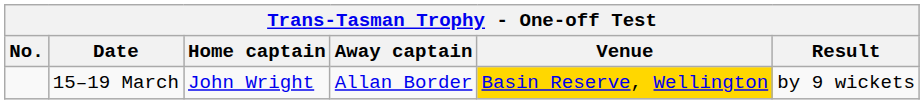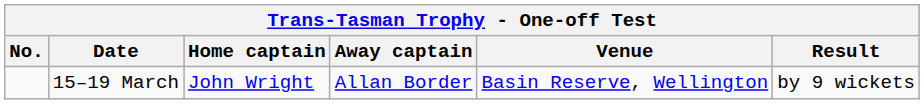 <table class="wikitable">
 <tr>
 <th colspan="9"><a href='#'>Trans-Tasman Trophy</a> - One-off Test</th>
 </tr>
 <tr>
 <th>No.</th>
 <th>Date</th>
 <th>Home captain</th>
 <th>Away captain</th>
 <th>Venue</th>
 <th>Result</th>
 </tr>
 <tr>
 <td></td>
 <td>15–19 March</td>
 <td><a href='#'>John Wright</a></td>
 <td><a href='#'>Allan Border</a></td>
-<td style="background: gold;"><a href='#'>Basin Reserve</a>, <a href='#'>Wellington</a></td>
+<td><a href='#'>Basin Reserve</a>, <a href='#'>Wellington</a></td>
 <td> by 9 wickets</td>
 </tr>
 </table>
